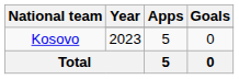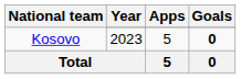 <table class="wikitable" style="text-align: center;">
 <tr>
 <th>National team</th>
 <th>Year</th>
 <th>Apps</th>
 <th>Goals</th>
 </tr>
 <tr>
 <td rowspan="2"><a href='#'>Kosovo</a></td>
 </tr>
 <tr>
 <td>2023</td>
 <td>5</td>
-<td>0</td>
+<td><strong>0</strong></td>
 </tr>
 <tr>
 <th colspan=2>Total</th>
 <th>5</th>
 <th>0</th>
 </tr>
 </table>
